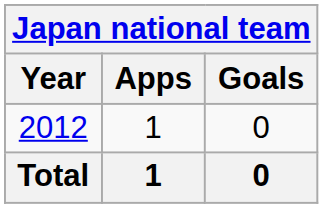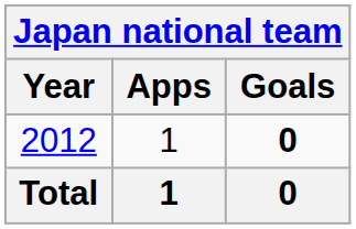 <table class="wikitable" style="text-align:center">
 <tr>
 <th colspan=3><a href='#'>Japan national team</a></th>
 </tr>
 <tr>
 <th>Year</th>
 <th>Apps</th>
 <th>Goals</th>
 </tr>
 <tr>
 <td><a href='#'>2012</a></td>
 <td>1</td>
-<td>0</td>
+<td><strong>0</strong></td>
 </tr>
 <tr>
 <th>Total</th>
 <th>1</th>
 <th>0</th>
 </tr>
 </table>
